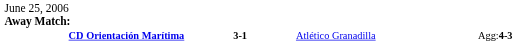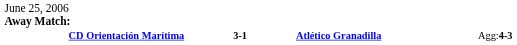 <table width=100% cellspacing=1>
 <tr>
 <th width=20%></th>
 <th width=12%></th>
 <th width=20%></th>
 <th></th>
 </tr>
 <tr>
 <td>June 25, 2006<br><strong>Away Match:</strong></td>
 </tr>
 <tr style=font-size:90%>
 <td align=right><strong><a href='#'>CD Orientación Marítima</a></strong></td>
 <td align=center><strong>3-1</strong></td>
-<td><a href='#'>Atlético Granadilla</a></td>
+<td><strong><a href='#'>Atlético Granadilla</a></strong></td>
 <td>Agg:<strong>4-3</strong></td>
 </tr>
 </table>
